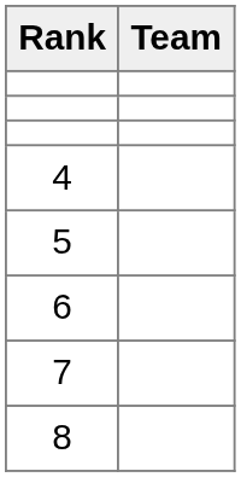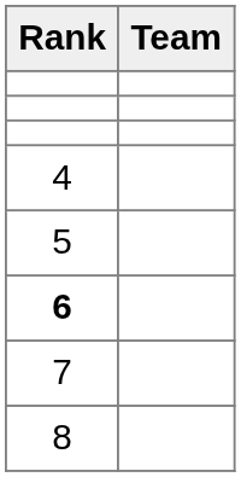 <table style=border-collapse:collapse border=1 cellspacing=0 cellpadding=5>
 <tr align=center bgcolor=#efefef>
 <th>Rank</th>
 <th>Team</th>
 </tr>
 <tr align=center>
 <td></td>
 <td style="text-align:left;"></td>
 </tr>
 <tr align=center>
 <td></td>
 <td style="text-align:left;"></td>
 </tr>
 <tr align=center>
 <td></td>
 <td style="text-align:left;"></td>
 </tr>
 <tr align=center>
 <td>4</td>
 <td style="text-align:left;"></td>
 </tr>
 <tr align=center>
 <td>5</td>
 <td style="text-align:left;"></td>
 </tr>
 <tr align=center>
-<td>6</td>
+<td><strong>6</strong></td>
 <td style="text-align:left;"></td>
 </tr>
 <tr align=center>
 <td>7</td>
 <td style="text-align:left;"></td>
 </tr>
 <tr align=center>
 <td>8</td>
 <td style="text-align:left;"></td>
 </tr>
 </table>
